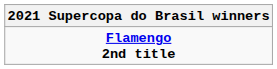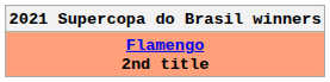 <table class="wikitable" style="text-align: center; margin: 0 auto;">
 <tr>
 <th>2021 Supercopa do Brasil winners</th>
 </tr>
 <tr>
-<td><strong><a href='#'>Flamengo</a></strong><br><strong>2nd title</strong></td>
+<td style="background: lightsalmon;"><strong><a href='#'>Flamengo</a></strong><br><strong>2nd title</strong></td>
 </tr>
 </table>
